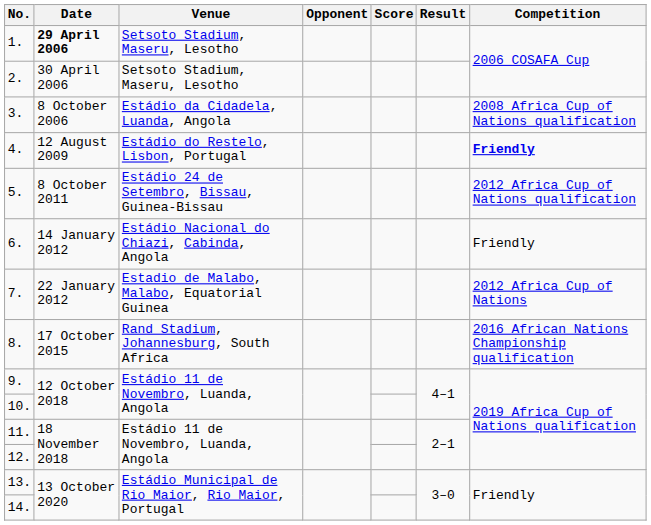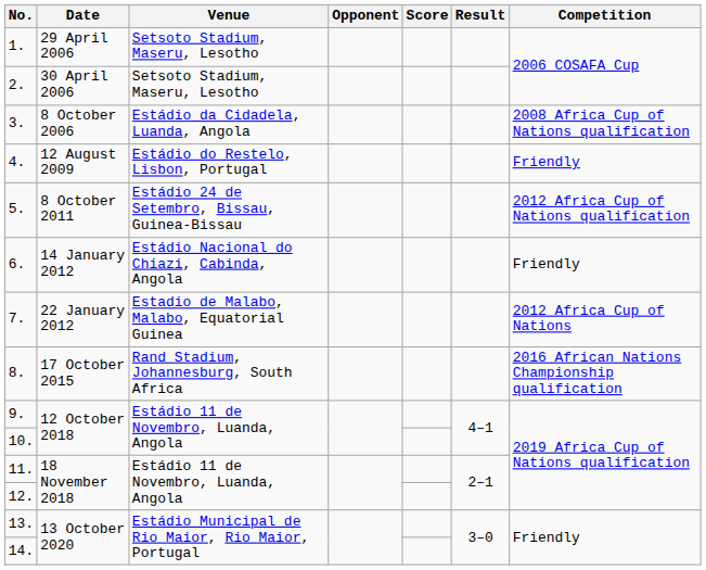 <table class="wikitable" style=font-size:95%>
 <tr>
 <th>No.</th>
 <th>Date</th>
 <th>Venue</th>
 <th>Opponent</th>
 <th>Score</th>
 <th>Result</th>
 <th>Competition</th>
 </tr>
 <tr>
 <td>1.</td>
-<td><strong>29 April 2006</strong></td>
+<td>29 April 2006</td>
 <td><a href='#'>Setsoto Stadium</a>, <a href='#'>Maseru</a>, Lesotho</td>
 <td></td>
 <td></td>
 <td></td>
 <td rowspan=2><a href='#'>2006 COSAFA Cup</a></td>
 </tr>
 <tr>
 <td>2.</td>
 <td>30 April 2006</td>
 <td>Setsoto Stadium, Maseru, Lesotho</td>
 <td></td>
 <td></td>
 <td></td>
 </tr>
 <tr>
 <td>3.</td>
 <td>8 October 2006</td>
 <td><a href='#'>Estádio da Cidadela</a>, <a href='#'>Luanda</a>, Angola</td>
 <td></td>
 <td></td>
 <td></td>
 <td><a href='#'>2008 Africa Cup of Nations qualification</a></td>
 </tr>
 <tr>
 <td>4.</td>
 <td>12 August 2009</td>
 <td><a href='#'>Estádio do Restelo</a>, <a href='#'>Lisbon</a>, Portugal</td>
 <td></td>
 <td></td>
 <td></td>
-<td><strong><a href='#'>Friendly</a></strong></td>
+<td><a href='#'>Friendly</a></td>
 </tr>
 <tr>
 <td>5.</td>
 <td>8 October 2011</td>
 <td><a href='#'>Estádio 24 de Setembro</a>, <a href='#'>Bissau</a>, Guinea-Bissau</td>
 <td></td>
 <td></td>
 <td></td>
 <td><a href='#'>2012 Africa Cup of Nations qualification</a></td>
 </tr>
 <tr>
 <td>6.</td>
 <td>14 January 2012</td>
 <td><a href='#'>Estádio Nacional do Chiazi</a>, <a href='#'>Cabinda</a>, Angola</td>
 <td></td>
 <td></td>
 <td></td>
 <td>Friendly</td>
 </tr>
 <tr>
 <td>7.</td>
 <td>22 January 2012</td>
 <td><a href='#'>Estadio de Malabo</a>, <a href='#'>Malabo</a>, Equatorial Guinea</td>
 <td></td>
 <td></td>
 <td></td>
 <td><a href='#'>2012 Africa Cup of Nations</a></td>
 </tr>
 <tr>
 <td>8.</td>
 <td>17 October 2015</td>
 <td><a href='#'>Rand Stadium</a>, <a href='#'>Johannesburg</a>, South Africa</td>
 <td></td>
 <td></td>
 <td></td>
 <td><a href='#'>2016 African Nations Championship qualification</a></td>
 </tr>
 <tr>
 <td>9.</td>
 <td rowspan=2>12 October 2018</td>
 <td rowspan=2><a href='#'>Estádio 11 de Novembro</a>, Luanda, Angola</td>
 <td rowspan=2></td>
 <td></td>
 <td rowspan=2 style="text-align:center;">4–1</td>
 <td rowspan=4><a href='#'>2019 Africa Cup of Nations qualification</a></td>
 </tr>
 <tr>
 <td>10.</td>
 <td></td>
 </tr>
 <tr>
 <td>11.</td>
 <td rowspan=2>18 November 2018</td>
 <td rowspan=2>Estádio 11 de Novembro, Luanda, Angola</td>
 <td rowspan=2></td>
 <td></td>
 <td rowspan=2 style="text-align:center;">2–1</td>
 </tr>
 <tr>
 <td>12.</td>
 <td></td>
 </tr>
 <tr>
 <td>13.</td>
 <td rowspan=2>13 October 2020</td>
 <td rowspan=2><a href='#'>Estádio Municipal de Rio Maior</a>, <a href='#'>Rio Maior</a>, Portugal</td>
 <td rowspan=2></td>
 <td></td>
 <td rowspan=2 style="text-align:center;">3–0</td>
 <td rowspan=2>Friendly</td>
 </tr>
 <tr>
 <td>14.</td>
 <td></td>
 </tr>
 </table>
